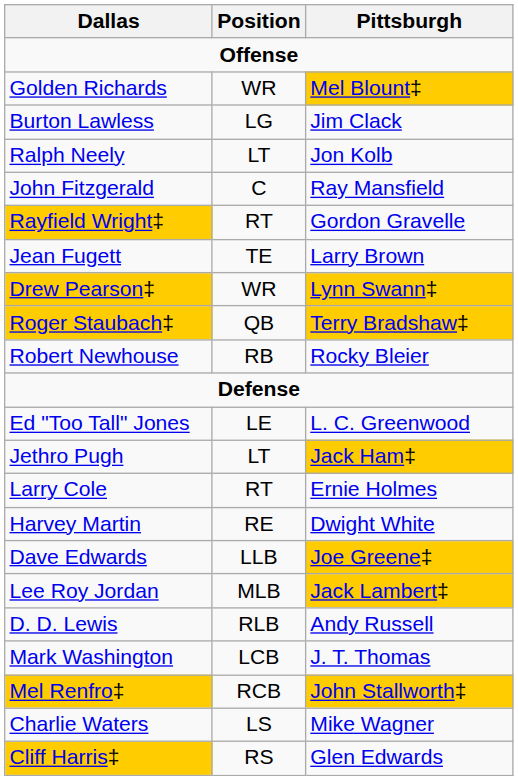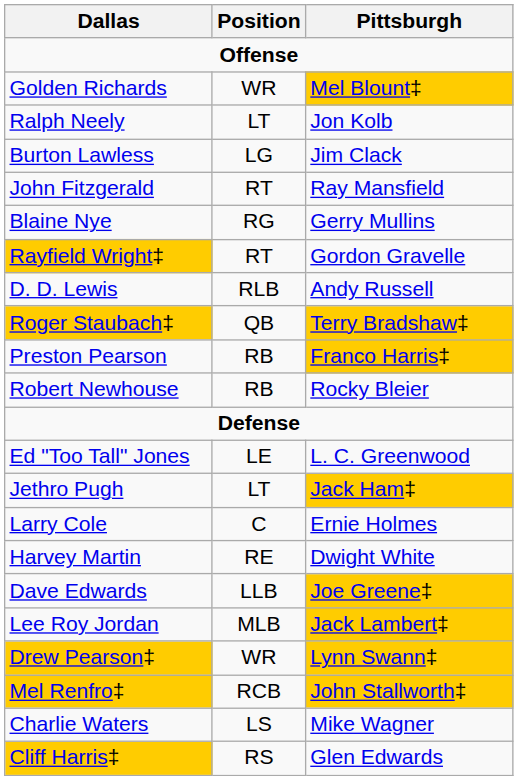 <table class="wikitable">
 <tr>
 <th width="150">Dallas</th>
 <th>Position</th>
 <th width="150">Pittsburgh</th>
 </tr>
 <tr>
 <td colspan="3" style="text-align:center"><strong>Offense</strong></td>
 </tr>
 <tr>
 <td><a href='#'>Golden Richards</a></td>
 <td style="text-align:center">WR</td>
 <td bgcolor="#FFCC00"><a href='#'>Mel Blount</a>‡</td>
 </tr>
 <tr>
+<td><a href='#'>Ralph Neely</a></td>
+<td style="text-align:center">LT</td>
+<td><a href='#'>Jon Kolb</a></td>
+</tr>
+<tr>
 <td><a href='#'>Burton Lawless</a></td>
 <td style="text-align:center">LG</td>
 <td><a href='#'>Jim Clack</a></td>
 </tr>
 <tr>
-<td><a href='#'>Ralph Neely</a></td>
-<td style="text-align:center">LT</td>
-<td><a href='#'>Jon Kolb</a></td>
+<td><a href='#'>John Fitzgerald</a></td>
+<td style="text-align:center">RT</td>
+<td><a href='#'>Ray Mansfield</a></td>
 </tr>
 <tr>
-<td><a href='#'>John Fitzgerald</a></td>
-<td style="text-align:center">C</td>
-<td><a href='#'>Ray Mansfield</a></td>
+<td><a href='#'>Blaine Nye</a></td>
+<td style="text-align:center">RG</td>
+<td><a href='#'>Gerry Mullins</a></td>
 </tr>
 <tr>
 <td bgcolor="#FFCC00"><a href='#'>Rayfield Wright</a>‡</td>
 <td style="text-align:center">RT</td>
 <td><a href='#'>Gordon Gravelle</a></td>
 </tr>
 <tr>
-<td><a href='#'>Jean Fugett</a></td>
-<td style="text-align:center">TE</td>
-<td><a href='#'>Larry Brown</a></td>
-</tr>
-<tr>
-<td bgcolor="#FFCC00"><a href='#'>Drew Pearson</a>‡</td>
-<td style="text-align:center">WR</td>
-<td bgcolor="#FFCC00"><a href='#'>Lynn Swann</a>‡</td>
+<td><a href='#'>D. D. Lewis</a></td>
+<td style="text-align:center">RLB</td>
+<td><a href='#'>Andy Russell</a></td>
 </tr>
 <tr>
 <td bgcolor="#FFCC00"><a href='#'>Roger Staubach</a>‡</td>
 <td style="text-align:center">QB</td>
 <td bgcolor="#FFCC00"><a href='#'>Terry Bradshaw</a>‡</td>
+</tr>
+<tr>
+<td><a href='#'>Preston Pearson</a></td>
+<td style="text-align:center">RB</td>
+<td bgcolor="#FFCC00"><a href='#'>Franco Harris</a>‡</td>
 </tr>
 <tr>
 <td><a href='#'>Robert Newhouse</a></td>
 <td style="text-align:center">RB</td>
 <td><a href='#'>Rocky Bleier</a></td>
 </tr>
 <tr>
 <td colspan="3" style="text-align:center"><strong>Defense</strong></td>
 </tr>
 <tr>
 <td><a href='#'>Ed "Too Tall" Jones</a></td>
 <td style="text-align:center">LE</td>
 <td><a href='#'>L. C. Greenwood</a></td>
 </tr>
 <tr>
 <td><a href='#'>Jethro Pugh</a></td>
 <td style="text-align:center">LT</td>
 <td bgcolor="#FFCC00"><a href='#'>Jack Ham</a>‡</td>
 </tr>
 <tr>
 <td><a href='#'>Larry Cole</a></td>
-<td style="text-align:center">RT</td>
+<td style="text-align:center">C</td>
 <td><a href='#'>Ernie Holmes</a></td>
 </tr>
 <tr>
 <td><a href='#'>Harvey Martin</a></td>
 <td style="text-align:center">RE</td>
 <td><a href='#'>Dwight White</a></td>
 </tr>
 <tr>
 <td><a href='#'>Dave Edwards</a></td>
 <td style="text-align:center">LLB</td>
 <td bgcolor="#FFCC00"><a href='#'>Joe Greene</a>‡</td>
 </tr>
 <tr>
 <td><a href='#'>Lee Roy Jordan</a></td>
 <td style="text-align:center">MLB</td>
 <td bgcolor="#FFCC00"><a href='#'>Jack Lambert</a>‡</td>
 </tr>
 <tr>
-<td><a href='#'>D. D. Lewis</a></td>
-<td style="text-align:center">RLB</td>
-<td><a href='#'>Andy Russell</a></td>
-</tr>
-<tr>
-<td><a href='#'>Mark Washington</a></td>
-<td style="text-align:center">LCB</td>
-<td><a href='#'>J. T. Thomas</a></td>
+<td bgcolor="#FFCC00"><a href='#'>Drew Pearson</a>‡</td>
+<td style="text-align:center">WR</td>
+<td bgcolor="#FFCC00"><a href='#'>Lynn Swann</a>‡</td>
 </tr>
 <tr>
 <td bgcolor="#FFCC00"><a href='#'>Mel Renfro</a>‡</td>
 <td style="text-align:center">RCB</td>
 <td bgcolor="#FFCC00"><a href='#'>John Stallworth</a>‡</td>
 </tr>
 <tr>
 <td><a href='#'>Charlie Waters</a></td>
 <td style="text-align:center">LS</td>
 <td><a href='#'>Mike Wagner</a></td>
 </tr>
 <tr>
 <td bgcolor="#FFCC00"><a href='#'>Cliff Harris</a>‡</td>
 <td style="text-align:center">RS</td>
 <td><a href='#'>Glen Edwards</a></td>
 </tr>
 </table>
